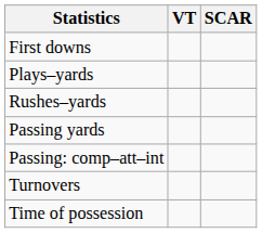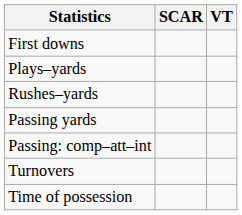 <table class="wikitable" style="float:left">
 <tr>
 <th>Statistics</th>
+<th>SCAR</th>
 <th>VT</th>
-<th>SCAR</th>
 </tr>
 <tr>
 <td>First downs</td>
 <td></td>
 <td></td>
 </tr>
 <tr>
 <td>Plays–yards</td>
 <td></td>
 <td></td>
 </tr>
 <tr>
 <td>Rushes–yards</td>
 <td></td>
 <td></td>
 </tr>
 <tr>
 <td>Passing yards</td>
 <td></td>
 <td></td>
 </tr>
 <tr>
 <td>Passing: comp–att–int</td>
 <td></td>
 <td></td>
 </tr>
 <tr>
 <td>Turnovers</td>
 <td></td>
 <td></td>
 </tr>
 <tr>
 <td>Time of possession</td>
 <td></td>
 <td></td>
 </tr>
 </table>
